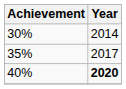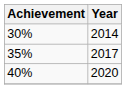 <table class=wikitable>
 <tr>
 <th>Achievement</th>
 <th>Year</th>
 </tr>
 <tr>
 <td>30%</td>
 <td>2014</td>
 </tr>
 <tr>
 <td>35%</td>
 <td>2017</td>
 </tr>
 <tr>
 <td>40%</td>
-<td><strong>2020</strong></td>
+<td>2020</td>
 </tr>
 <tr>
 </tr>
 </table>
